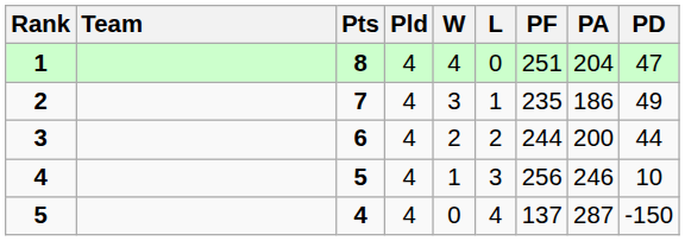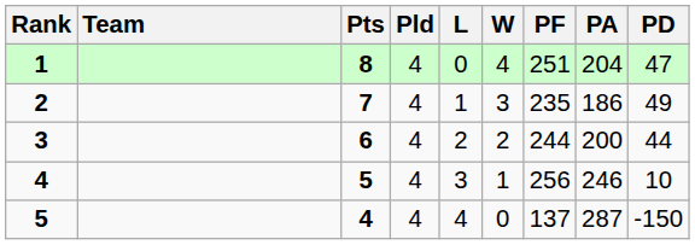 <table class="wikitable" style="text-align: center;">
 <tr>
 <th width=30>Rank</th>
 <th width=165 style="text-align:left;">Team</th>
 <th width=20>Pts</th>
 <th width=20>Pld</th>
+<th width=20>L</th>
 <th width=20>W</th>
-<th width=20>L</th>
 <th width=20>PF</th>
 <th width=20>PA</th>
 <th width=20>PD</th>
 </tr>
 <tr style="background:#ccffcc;">
 <td><strong>1</strong></td>
 <td style="text-align:left;"></td>
 <td><strong>8 </strong></td>
 <td>4</td>
+<td>0</td>
 <td>4</td>
-<td>0</td>
 <td>251</td>
 <td>204</td>
 <td>47</td>
 </tr>
 <tr>
 <td><strong>2</strong></td>
 <td style="text-align:left;"></td>
 <td><strong> 7</strong></td>
 <td>4</td>
+<td>1</td>
 <td>3</td>
-<td>1</td>
 <td>235</td>
 <td>186</td>
 <td>49</td>
 </tr>
 <tr>
 <td><strong>3</strong></td>
 <td style="text-align:left;"></td>
 <td><strong> 6</strong></td>
 <td>4</td>
 <td>2</td>
 <td>2</td>
 <td>244</td>
 <td>200</td>
 <td>44</td>
 </tr>
 <tr>
 <td><strong>4</strong></td>
 <td style="text-align:left;"></td>
 <td><strong> 5</strong></td>
 <td>4</td>
+<td>3</td>
 <td>1</td>
-<td>3</td>
 <td>256</td>
 <td>246</td>
 <td>10</td>
 </tr>
 <tr>
 <td><strong>5</strong></td>
 <td style="text-align:left;"></td>
 <td><strong> 4</strong></td>
 <td>4</td>
+<td>4</td>
 <td>0</td>
-<td>4</td>
 <td>137</td>
 <td>287</td>
 <td>-150</td>
 </tr>
 </table>
